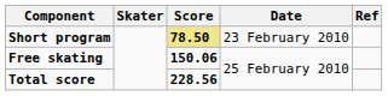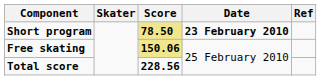 <table class=wikitable>
 <tr>
 <th>Component</th>
 <th>Skater</th>
 <th>Score</th>
 <th>Date</th>
 <th>Ref</th>
 </tr>
 <tr>
 <td><strong>Short program</strong></td>
 <td rowspan="3"></td>
 <td style="background: khaki;"><strong>78.50</strong></td>
-<td>23 February 2010</td>
+<td><strong>23 February 2010</strong></td>
 <td></td>
 </tr>
 <tr>
 <td><strong>Free skating</strong></td>
-<td><strong>150.06</strong></td>
+<td style="background: khaki;"><strong>150.06</strong></td>
 <td rowspan="2">25 February 2010</td>
 <td></td>
 </tr>
 <tr>
 <td><strong>Total score</strong></td>
 <td><strong>228.56</strong></td>
 <td></td>
 </tr>
 </table>
